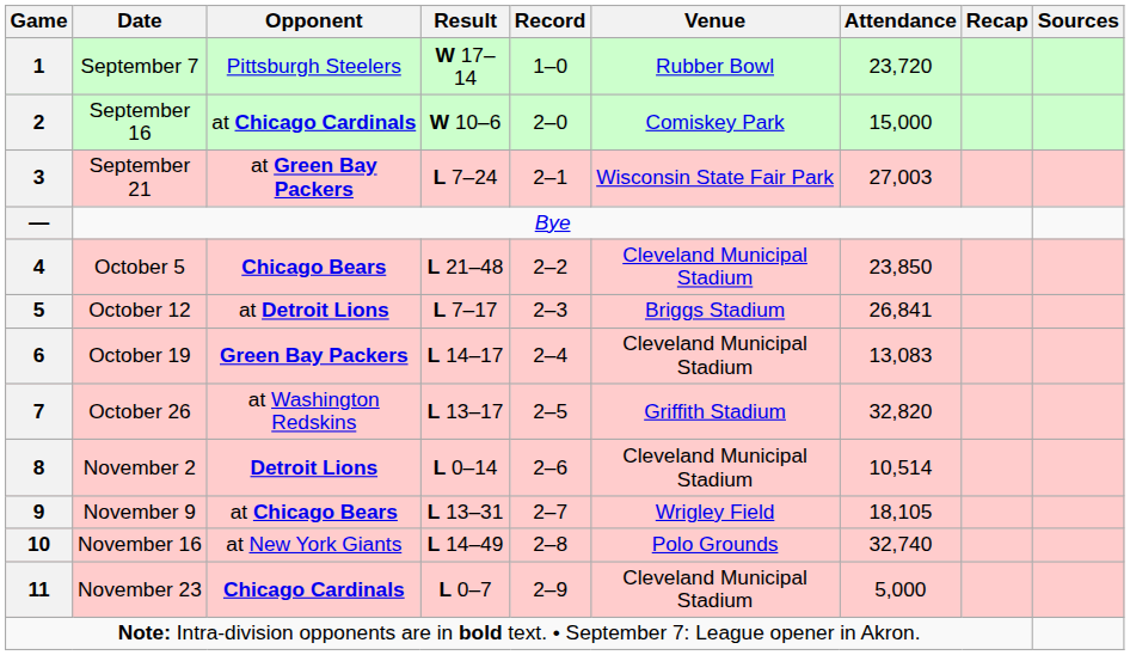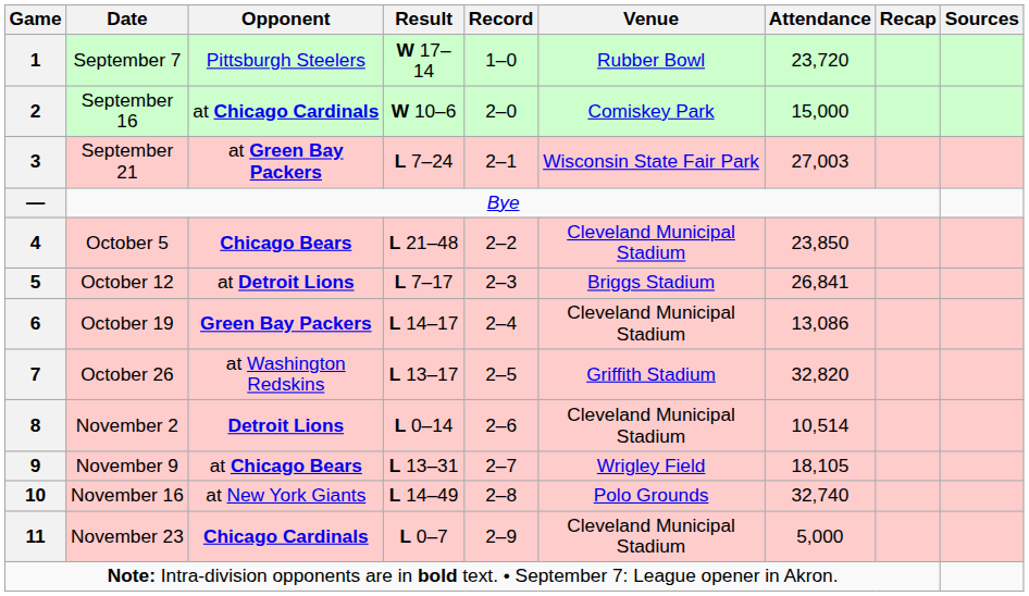 <table class="wikitable" style="text-align:center">
 <tr>
 <th>Game</th>
 <th>Date</th>
 <th>Opponent</th>
 <th>Result</th>
 <th>Record</th>
 <th>Venue</th>
 <th>Attendance</th>
 <th>Recap</th>
 <th>Sources</th>
 </tr>
 <tr style="background:#cfc">
 <th>1</th>
 <td>September 7</td>
 <td><a href='#'>Pittsburgh Steelers</a></td>
 <td><strong>W</strong> 17–14</td>
 <td>1–0</td>
 <td><a href='#'>Rubber Bowl</a></td>
 <td>23,720</td>
 <td></td>
 <td></td>
 </tr>
 <tr style="background:#cfc">
 <th>2</th>
 <td>September 16</td>
 <td>at <strong><a href='#'>Chicago Cardinals</a></strong></td>
 <td><strong>W</strong> 10–6</td>
 <td>2–0</td>
 <td><a href='#'>Comiskey Park</a></td>
 <td>15,000</td>
 <td></td>
 <td></td>
 </tr>
 <tr style="background:#fcc">
 <th>3</th>
 <td>September 21</td>
 <td>at <strong><a href='#'>Green Bay Packers</a></strong></td>
 <td><strong>L</strong> 7–24</td>
 <td>2–1</td>
 <td><a href='#'>Wisconsin State Fair Park</a></td>
 <td>27,003</td>
 <td></td>
 <td></td>
 </tr>
 <tr>
 <th>—</th>
 <td colspan="7"><em><a href='#'>Bye</a></em></td>
 </tr>
 <tr style="background:#fcc">
 <th>4</th>
 <td>October 5</td>
 <td><strong><a href='#'>Chicago Bears</a></strong></td>
 <td><strong>L</strong> 21–48</td>
 <td>2–2</td>
 <td><a href='#'>Cleveland Municipal Stadium</a></td>
 <td>23,850</td>
 <td></td>
 <td></td>
 </tr>
 <tr style="background:#fcc">
 <th>5</th>
 <td>October 12</td>
 <td>at <strong><a href='#'>Detroit Lions</a></strong></td>
 <td><strong>L</strong> 7–17</td>
 <td>2–3</td>
 <td><a href='#'>Briggs Stadium</a></td>
 <td>26,841</td>
 <td></td>
 <td></td>
 </tr>
 <tr style="background:#fcc">
 <th>6</th>
 <td>October 19</td>
 <td><strong><a href='#'>Green Bay Packers</a></strong></td>
 <td><strong>L</strong> 14–17</td>
 <td>2–4</td>
 <td>Cleveland Municipal Stadium</td>
-<td>13,083</td>
+<td>13,086</td>
 <td></td>
 <td></td>
 </tr>
 <tr style="background:#fcc">
 <th>7</th>
 <td>October 26</td>
 <td>at <a href='#'>Washington Redskins</a></td>
 <td><strong>L</strong> 13–17</td>
 <td>2–5</td>
 <td><a href='#'>Griffith Stadium</a></td>
 <td>32,820</td>
 <td></td>
 <td></td>
 </tr>
 <tr style="background:#fcc">
 <th>8</th>
 <td>November 2</td>
 <td><strong><a href='#'>Detroit Lions</a></strong></td>
 <td><strong>L</strong> 0–14</td>
 <td>2–6</td>
 <td>Cleveland Municipal Stadium</td>
 <td>10,514</td>
 <td></td>
 <td></td>
 </tr>
 <tr style="background:#fcc">
 <th>9</th>
 <td>November 9</td>
 <td>at <strong><a href='#'>Chicago Bears</a></strong></td>
 <td><strong>L</strong> 13–31</td>
 <td>2–7</td>
 <td><a href='#'>Wrigley Field</a></td>
 <td>18,105</td>
 <td></td>
 <td></td>
 </tr>
 <tr style="background:#fcc">
 <th>10</th>
 <td>November 16</td>
 <td>at <a href='#'>New York Giants</a></td>
 <td><strong>L</strong> 14–49</td>
 <td>2–8</td>
 <td><a href='#'>Polo Grounds</a></td>
 <td>32,740</td>
 <td></td>
 <td></td>
 </tr>
 <tr style="background:#fcc">
 <th>11</th>
 <td>November 23</td>
 <td><strong><a href='#'>Chicago Cardinals</a></strong></td>
 <td><strong>L</strong> 0–7</td>
 <td>2–9</td>
 <td>Cleveland Municipal Stadium</td>
 <td>5,000</td>
 <td></td>
 <td></td>
 </tr>
 <tr>
 <td colspan="8"><strong>Note:</strong> Intra-division opponents are in <strong>bold</strong> text. • September 7: League opener in Akron.</td>
 </tr>
 </table>
